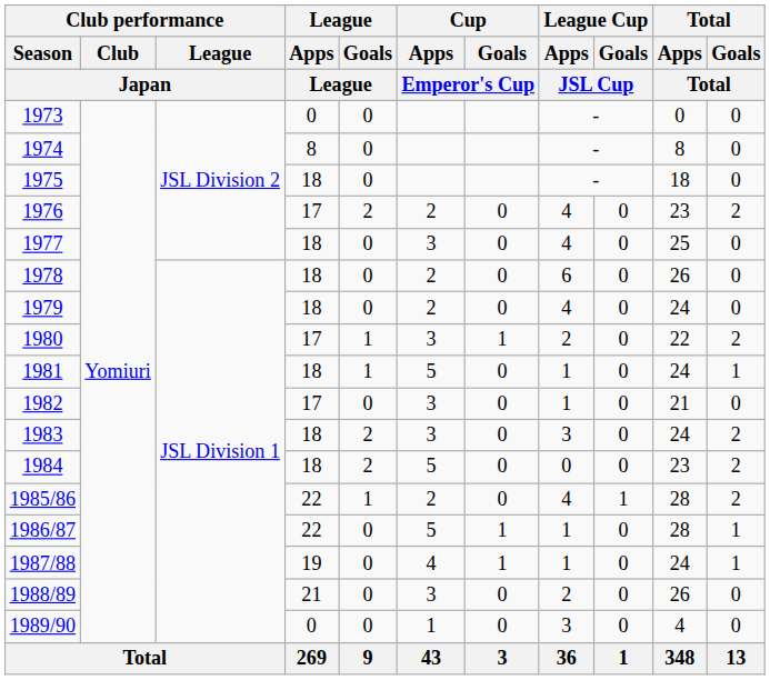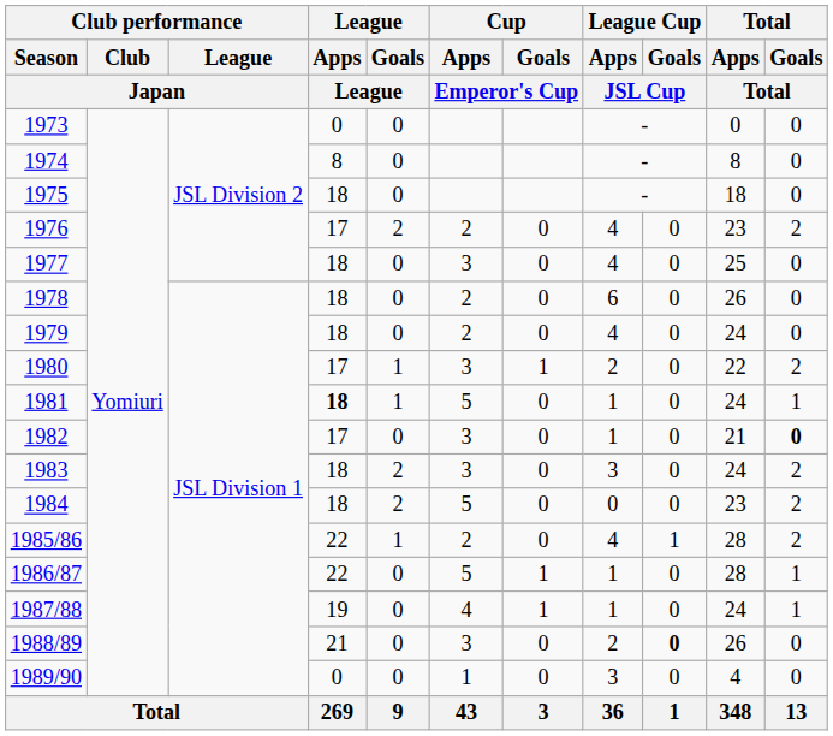 <table class="wikitable" style="text-align:center;">
 <tr>
 <th colspan=3>Club performance</th>
 <th colspan=2>League</th>
 <th colspan=2>Cup</th>
 <th colspan=2>League Cup</th>
 <th colspan=2>Total</th>
 </tr>
 <tr>
 <th>Season</th>
 <th>Club</th>
 <th>League</th>
 <th>Apps</th>
 <th>Goals</th>
 <th>Apps</th>
 <th>Goals</th>
 <th>Apps</th>
 <th>Goals</th>
 <th>Apps</th>
 <th>Goals</th>
 </tr>
 <tr>
 <th colspan=3>Japan</th>
 <th colspan=2>League</th>
 <th colspan=2><a href='#'>Emperor's Cup</a></th>
 <th colspan=2><a href='#'>JSL Cup</a></th>
 <th colspan=2>Total</th>
 </tr>
 <tr>
 <td><a href='#'>1973</a></td>
 <td rowspan="17"><a href='#'>Yomiuri</a></td>
 <td rowspan="5"><a href='#'>JSL Division 2</a></td>
 <td>0</td>
 <td>0</td>
 <td></td>
 <td></td>
 <td colspan="2">-</td>
 <td>0</td>
 <td>0</td>
 </tr>
 <tr>
 <td><a href='#'>1974</a></td>
 <td>8</td>
 <td>0</td>
 <td></td>
 <td></td>
 <td colspan="2">-</td>
 <td>8</td>
 <td>0</td>
 </tr>
 <tr>
 <td><a href='#'>1975</a></td>
 <td>18</td>
 <td>0</td>
 <td></td>
 <td></td>
 <td colspan="2">-</td>
 <td>18</td>
 <td>0</td>
 </tr>
 <tr>
 <td><a href='#'>1976</a></td>
 <td>17</td>
 <td>2</td>
 <td>2</td>
 <td>0</td>
 <td>4</td>
 <td>0</td>
 <td>23</td>
 <td>2</td>
 </tr>
 <tr>
 <td><a href='#'>1977</a></td>
 <td>18</td>
 <td>0</td>
 <td>3</td>
 <td>0</td>
 <td>4</td>
 <td>0</td>
 <td>25</td>
 <td>0</td>
 </tr>
 <tr>
 <td><a href='#'>1978</a></td>
 <td rowspan="12"><a href='#'>JSL Division 1</a></td>
 <td>18</td>
 <td>0</td>
 <td>2</td>
 <td>0</td>
 <td>6</td>
 <td>0</td>
 <td>26</td>
 <td>0</td>
 </tr>
 <tr>
 <td><a href='#'>1979</a></td>
 <td>18</td>
 <td>0</td>
 <td>2</td>
 <td>0</td>
 <td>4</td>
 <td>0</td>
 <td>24</td>
 <td>0</td>
 </tr>
 <tr>
 <td><a href='#'>1980</a></td>
 <td>17</td>
 <td>1</td>
 <td>3</td>
 <td>1</td>
 <td>2</td>
 <td>0</td>
 <td>22</td>
 <td>2</td>
 </tr>
 <tr>
 <td><a href='#'>1981</a></td>
-<td>18</td>
+<td><strong>18</strong></td>
 <td>1</td>
 <td>5</td>
 <td>0</td>
 <td>1</td>
 <td>0</td>
 <td>24</td>
 <td>1</td>
 </tr>
 <tr>
 <td><a href='#'>1982</a></td>
 <td>17</td>
 <td>0</td>
 <td>3</td>
 <td>0</td>
 <td>1</td>
 <td>0</td>
 <td>21</td>
-<td>0</td>
+<td><strong>0</strong></td>
 </tr>
 <tr>
 <td><a href='#'>1983</a></td>
 <td>18</td>
 <td>2</td>
 <td>3</td>
 <td>0</td>
 <td>3</td>
 <td>0</td>
 <td>24</td>
 <td>2</td>
 </tr>
 <tr>
 <td><a href='#'>1984</a></td>
 <td>18</td>
 <td>2</td>
 <td>5</td>
 <td>0</td>
 <td>0</td>
 <td>0</td>
 <td>23</td>
 <td>2</td>
 </tr>
 <tr>
 <td><a href='#'>1985/86</a></td>
 <td>22</td>
 <td>1</td>
 <td>2</td>
 <td>0</td>
 <td>4</td>
 <td>1</td>
 <td>28</td>
 <td>2</td>
 </tr>
 <tr>
 <td><a href='#'>1986/87</a></td>
 <td>22</td>
 <td>0</td>
 <td>5</td>
 <td>1</td>
 <td>1</td>
 <td>0</td>
 <td>28</td>
 <td>1</td>
 </tr>
 <tr>
 <td><a href='#'>1987/88</a></td>
 <td>19</td>
 <td>0</td>
 <td>4</td>
 <td>1</td>
 <td>1</td>
 <td>0</td>
 <td>24</td>
 <td>1</td>
 </tr>
 <tr>
 <td><a href='#'>1988/89</a></td>
 <td>21</td>
 <td>0</td>
 <td>3</td>
 <td>0</td>
 <td>2</td>
-<td>0</td>
+<td><strong>0</strong></td>
 <td>26</td>
 <td>0</td>
 </tr>
 <tr>
 <td><a href='#'>1989/90</a></td>
 <td>0</td>
 <td>0</td>
 <td>1</td>
 <td>0</td>
 <td>3</td>
 <td>0</td>
 <td>4</td>
 <td>0</td>
 </tr>
 <tr>
 <th colspan=3>Total</th>
 <th>269</th>
 <th>9</th>
 <th>43</th>
 <th>3</th>
 <th>36</th>
 <th>1</th>
 <th>348</th>
 <th>13</th>
 </tr>
 </table>
